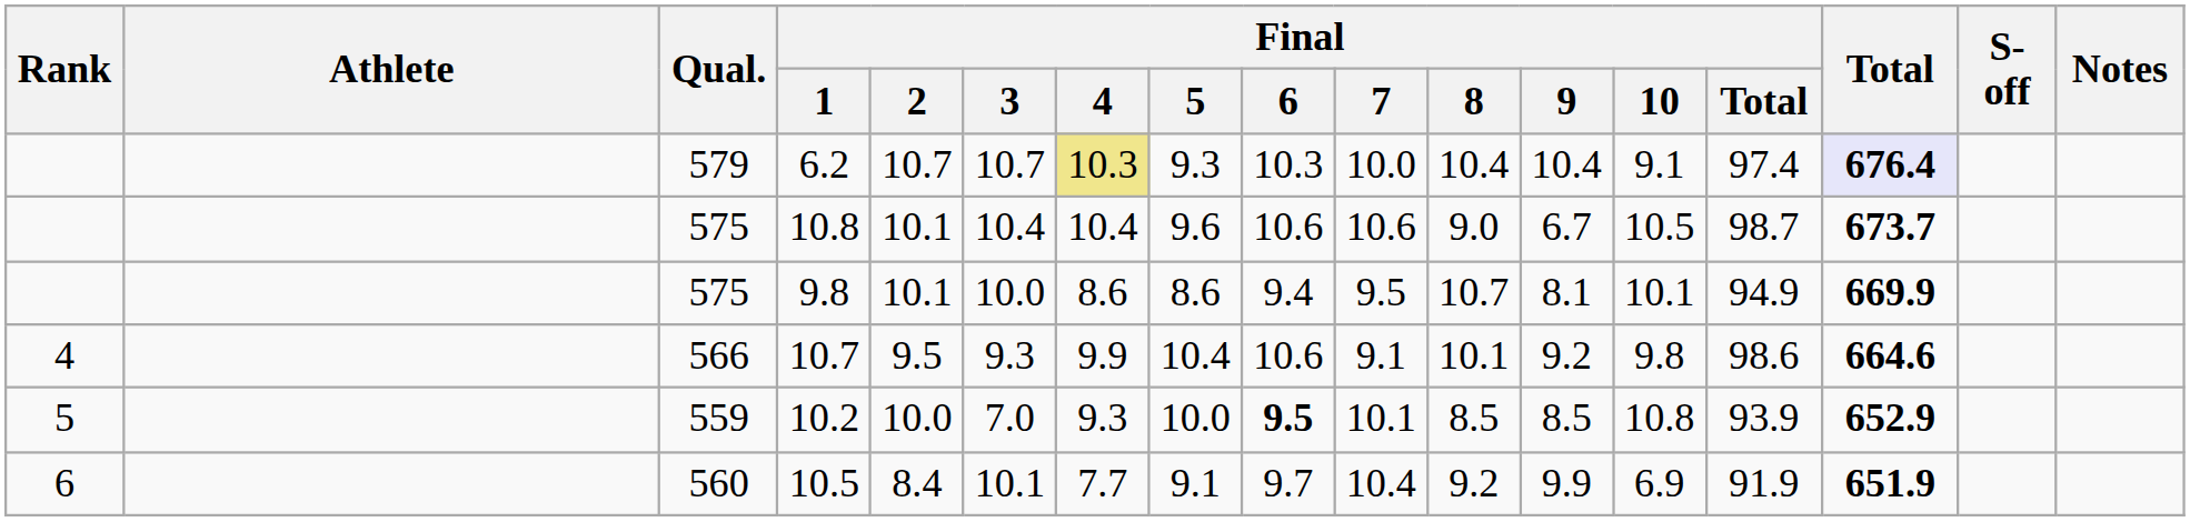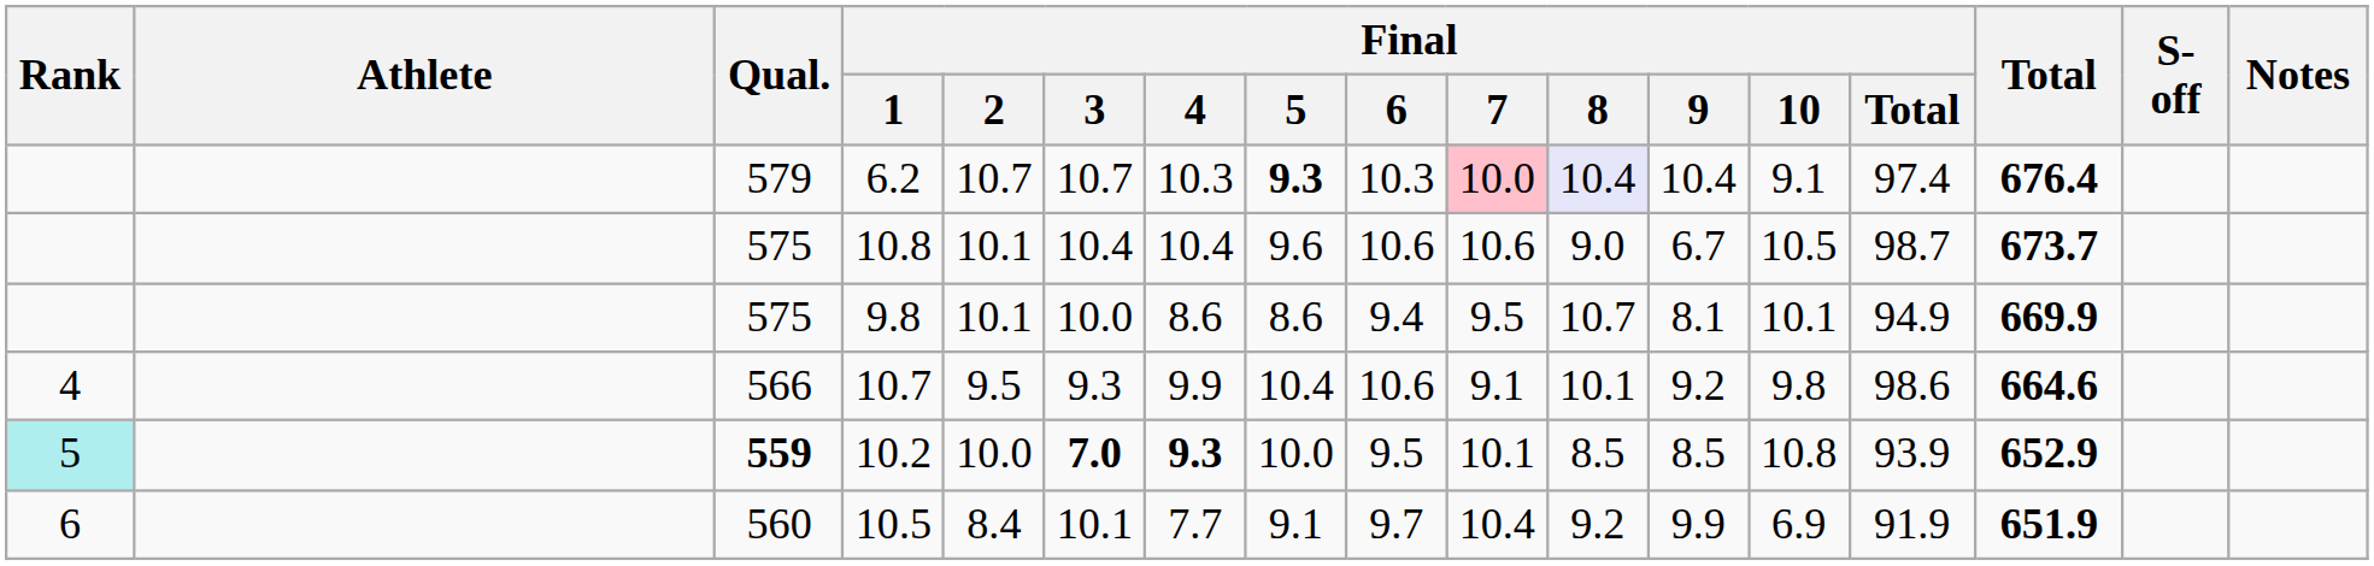 <table class="wikitable" style="text-align:center">
 <tr>
 <th rowspan=2 width=40>Rank</th>
 <th rowspan=2 width=250>Athlete</th>
 <th rowspan=2 width=40>Qual.</th>
 <th colspan=11>Final</th>
 <th rowspan=2 width=50>Total</th>
 <th rowspan=2 width=35>S-off</th>
 <th rowspan=2 width=45>Notes</th>
 </tr>
 <tr>
 <th width=30>1</th>
 <th width=30>2</th>
 <th width=30>3</th>
 <th width=30>4</th>
 <th width=30>5</th>
 <th width=30>6</th>
 <th width=30>7</th>
 <th width=30>8</th>
 <th width=30>9</th>
 <th width=30>10</th>
 <th width=40>Total</th>
 </tr>
 <tr>
 <td></td>
 <td align=left></td>
 <td>579</td>
 <td>6.2</td>
 <td>10.7</td>
 <td>10.7</td>
-<td style="background: khaki;">10.3</td>
-<td>9.3</td>
 <td>10.3</td>
-<td>10.0</td>
-<td>10.4</td>
+<td><strong>9.3</strong></td>
+<td>10.3</td>
+<td style="background: pink;">10.0</td>
+<td style="background: lavender;">10.4</td>
 <td>10.4</td>
 <td>9.1</td>
 <td>97.4</td>
-<td style="background: lavender;"><strong>676.4</strong></td>
+<td><strong>676.4</strong></td>
 <td></td>
 <td></td>
 </tr>
 <tr>
 <td></td>
 <td align=left></td>
 <td>575</td>
 <td>10.8</td>
 <td>10.1</td>
 <td>10.4</td>
 <td>10.4</td>
 <td>9.6</td>
 <td>10.6</td>
 <td>10.6</td>
 <td>9.0</td>
 <td>6.7</td>
 <td>10.5</td>
 <td>98.7</td>
 <td><strong>673.7</strong></td>
 <td></td>
 <td></td>
 </tr>
 <tr>
 <td></td>
 <td align=left></td>
 <td>575</td>
 <td>9.8</td>
 <td>10.1</td>
 <td>10.0</td>
 <td>8.6</td>
 <td>8.6</td>
 <td>9.4</td>
 <td>9.5</td>
 <td>10.7</td>
 <td>8.1</td>
 <td>10.1</td>
 <td>94.9</td>
 <td><strong>669.9</strong></td>
 <td></td>
 <td></td>
 </tr>
 <tr>
 <td>4</td>
 <td align=left></td>
 <td>566</td>
 <td>10.7</td>
 <td>9.5</td>
 <td>9.3</td>
 <td>9.9</td>
 <td>10.4</td>
 <td>10.6</td>
 <td>9.1</td>
 <td>10.1</td>
 <td>9.2</td>
 <td>9.8</td>
 <td>98.6</td>
 <td><strong>664.6</strong></td>
 <td></td>
 <td></td>
 </tr>
 <tr>
-<td>5</td>
+<td style="background: paleturquoise;">5</td>
 <td align=left></td>
-<td>559</td>
+<td><strong>559</strong></td>
 <td>10.2</td>
 <td>10.0</td>
-<td>7.0</td>
-<td>9.3</td>
+<td><strong>7.0</strong></td>
+<td><strong>9.3</strong></td>
 <td>10.0</td>
-<td><strong>9.5</strong></td>
+<td>9.5</td>
 <td>10.1</td>
 <td>8.5</td>
 <td>8.5</td>
 <td>10.8</td>
 <td>93.9</td>
 <td><strong>652.9</strong></td>
 <td></td>
 <td></td>
 </tr>
 <tr>
 <td>6</td>
 <td align=left></td>
 <td>560</td>
 <td>10.5</td>
 <td>8.4</td>
 <td>10.1</td>
 <td>7.7</td>
 <td>9.1</td>
 <td>9.7</td>
 <td>10.4</td>
 <td>9.2</td>
 <td>9.9</td>
 <td>6.9</td>
 <td>91.9</td>
 <td><strong>651.9</strong></td>
 <td></td>
 <td></td>
 </tr>
 </table>
